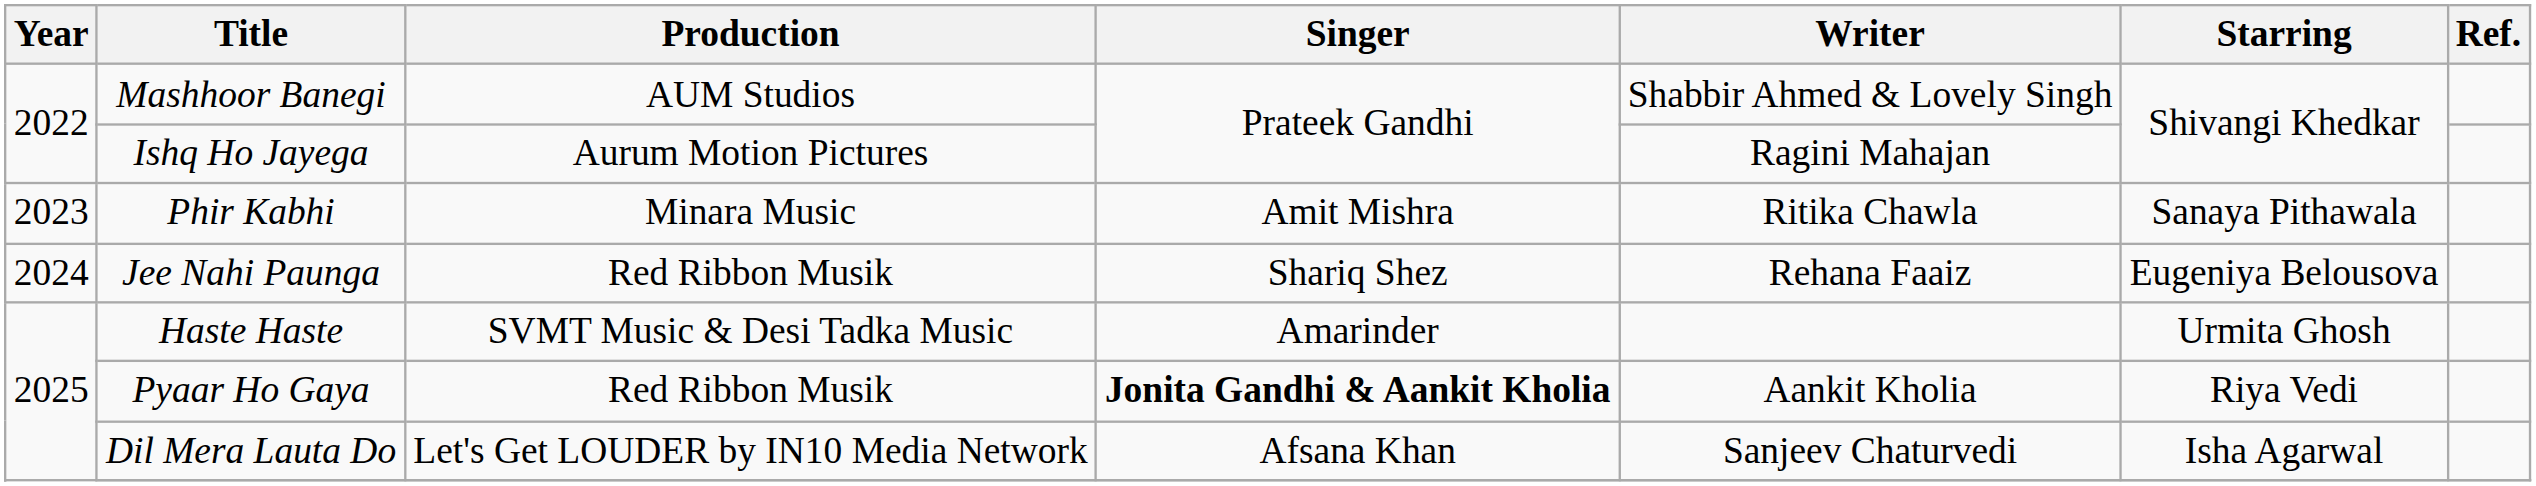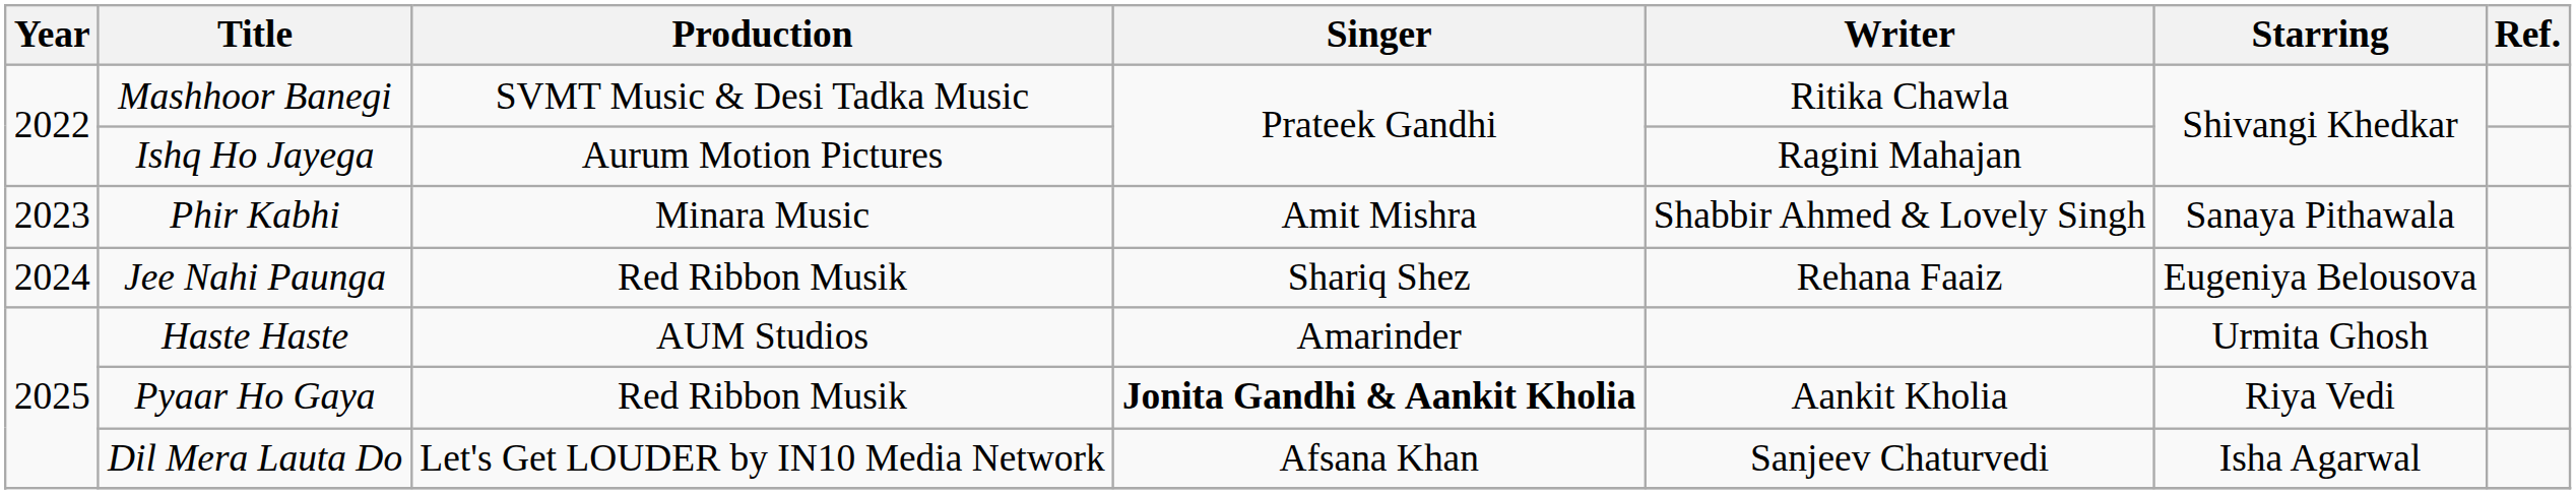 <table class="wikitable" style="text-align:center;">
 <tr>
 <th>Year</th>
 <th>Title</th>
 <th>Production</th>
 <th>Singer</th>
 <th>Writer</th>
 <th>Starring</th>
 <th>Ref.</th>
 </tr>
 <tr>
 <td rowspan="2">2022</td>
 <td><em>Mashhoor Banegi</em></td>
-<td>AUM Studios</td>
+<td>SVMT Music & Desi Tadka Music</td>
 <td rowspan="2">Prateek Gandhi</td>
-<td>Shabbir Ahmed & Lovely Singh</td>
+<td>Ritika Chawla</td>
 <td rowspan="2">Shivangi Khedkar</td>
 <td></td>
 </tr>
 <tr>
 <td><em>Ishq Ho Jayega</em></td>
 <td>Aurum Motion Pictures</td>
 <td>Ragini Mahajan</td>
 <td></td>
 </tr>
 <tr>
 <td>2023</td>
 <td><em>Phir Kabhi</em></td>
 <td>Minara Music</td>
 <td>Amit Mishra </td>
-<td>Ritika Chawla</td>
+<td>Shabbir Ahmed & Lovely Singh</td>
 <td>Sanaya Pithawala</td>
 <td></td>
 </tr>
 <tr>
 <td>2024</td>
 <td><em>Jee Nahi Paunga</em></td>
 <td>Red Ribbon Musik</td>
 <td>Shariq Shez</td>
 <td>Rehana Faaiz</td>
 <td>Eugeniya Belousova</td>
 <td></td>
 </tr>
 <tr>
 <td rowspan="4">2025</td>
 <td><em>Haste Haste</em></td>
-<td>SVMT Music & Desi Tadka Music</td>
+<td>AUM Studios</td>
 <td>Amarinder</td>
 <td></td>
 <td>Urmita Ghosh</td>
 <td></td>
 </tr>
 <tr>
 <td><em>Pyaar Ho Gaya</em></td>
 <td>Red Ribbon Musik</td>
 <td><strong>Jonita Gandhi & Aankit Kholia</strong></td>
 <td>Aankit Kholia</td>
 <td>Riya Vedi</td>
 <td></td>
 </tr>
 <tr>
 <td><em>Dil Mera Lauta Do</em></td>
 <td>Let's Get LOUDER by IN10 Media Network</td>
 <td>Afsana Khan</td>
 <td>Sanjeev Chaturvedi</td>
 <td>Isha Agarwal</td>
 <td></td>
 </tr>
 <tr>
 </tr>
 </table>
